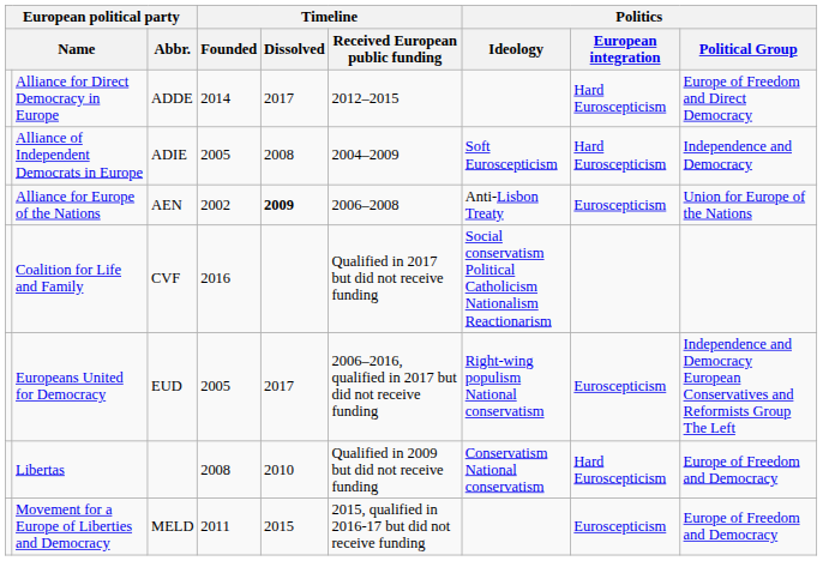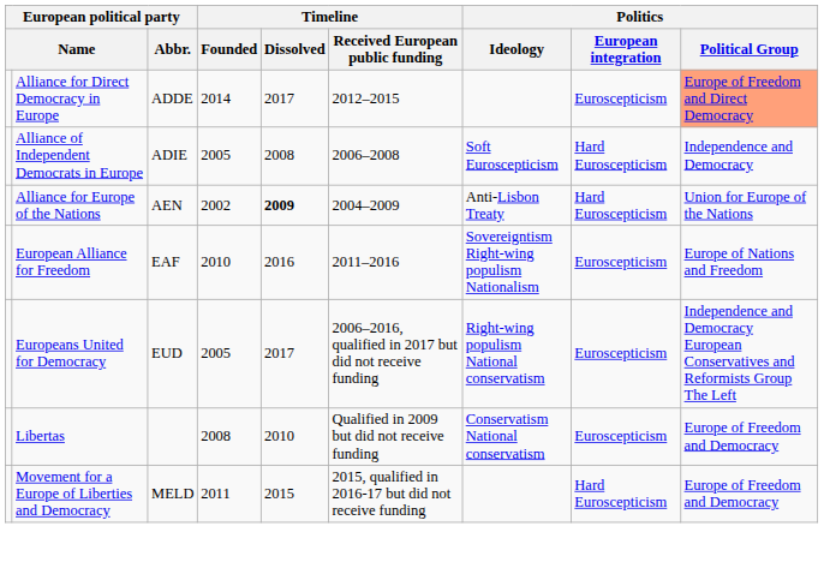 <table class="wikitable centre sortable">
 <tr>
 <th colspan="3">European political party</th>
 <th colspan="3">Timeline</th>
 <th colspan="3">Politics</th>
 </tr>
 <tr>
 <th colspan="2">Name</th>
 <th>Abbr.</th>
 <th>Founded</th>
 <th>Dissolved</th>
 <th>Received European public funding</th>
 <th>Ideology</th>
 <th><a href='#'>European integration</a></th>
 <th><a href='#'>Political Group</a></th>
 </tr>
 <tr>
 <td></td>
 <td><a href='#'>Alliance for Direct Democracy in Europe</a></td>
 <td>ADDE</td>
 <td>2014</td>
 <td>2017</td>
 <td>2012–2015</td>
 <td></td>
-<td><a href='#'>Hard Euroscepticism</a></td>
-<td><a href='#'>Europe of Freedom and Direct Democracy</a></td>
+<td><a href='#'>Euroscepticism</a></td>
+<td style="background: lightsalmon;"><a href='#'>Europe of Freedom and Direct Democracy</a></td>
 </tr>
 <tr>
 <td></td>
 <td><a href='#'>Alliance of Independent Democrats in Europe</a></td>
 <td>ADIE</td>
 <td>2005</td>
 <td>2008</td>
-<td>2004–2009</td>
+<td>2006–2008</td>
 <td><a href='#'>Soft Euroscepticism</a></td>
 <td><a href='#'>Hard Euroscepticism</a></td>
 <td><a href='#'>Independence and Democracy</a></td>
 </tr>
 <tr>
 <td></td>
 <td><a href='#'>Alliance for Europe of the Nations</a></td>
 <td>AEN</td>
 <td>2002</td>
 <td><strong>2009</strong></td>
-<td>2006–2008</td>
+<td>2004–2009</td>
 <td>Anti-<a href='#'>Lisbon Treaty</a></td>
-<td><a href='#'>Euroscepticism</a></td>
+<td><a href='#'>Hard Euroscepticism</a></td>
 <td><a href='#'>Union for Europe of the Nations</a></td>
 </tr>
 <tr>
 <td></td>
-<td><a href='#'>Coalition for Life and Family</a></td>
-<td>CVF</td>
+<td><a href='#'>European Alliance for Freedom</a></td>
+<td>EAF</td>
+<td>2010</td>
 <td>2016</td>
-<td></td>
-<td>Qualified in 2017 but did not receive funding</td>
-<td><a href='#'>Social conservatism</a><br><a href='#'>Political Catholicism</a><br><a href='#'>Nationalism</a><br><a href='#'>Reactionarism</a></td>
-<td></td>
-<td></td>
+<td>2011–2016</td>
+<td><a href='#'>Sovereigntism</a><br><a href='#'>Right-wing populism</a><br><a href='#'>Nationalism</a></td>
+<td><a href='#'>Euroscepticism</a></td>
+<td><a href='#'>Europe of Nations and Freedom</a></td>
 </tr>
 <tr>
 <td></td>
 <td><a href='#'>Europeans United for Democracy</a></td>
 <td>EUD</td>
 <td>2005</td>
 <td>2017</td>
 <td>2006–2016, qualified in 2017 but did not receive funding</td>
 <td><a href='#'>Right-wing populism</a><br><a href='#'>National conservatism</a></td>
 <td><a href='#'>Euroscepticism</a></td>
 <td><a href='#'>Independence and Democracy</a><br><a href='#'>European Conservatives and Reformists Group</a><br><a href='#'>The Left</a></td>
 </tr>
 <tr>
 <td></td>
 <td><a href='#'>Libertas</a></td>
 <td></td>
 <td>2008</td>
 <td>2010</td>
 <td>Qualified in 2009 but did not receive funding</td>
 <td><a href='#'>Conservatism</a><br><a href='#'>National conservatism</a></td>
-<td><a href='#'>Hard Euroscepticism</a></td>
+<td><a href='#'>Euroscepticism</a></td>
 <td><a href='#'>Europe of Freedom and Democracy</a></td>
 </tr>
 <tr>
 <td></td>
 <td><a href='#'>Movement for a Europe of Liberties and Democracy</a></td>
 <td>MELD</td>
 <td>2011</td>
 <td>2015</td>
 <td>2015, qualified in 2016-17 but did not receive funding</td>
 <td></td>
-<td><a href='#'>Euroscepticism</a></td>
+<td><a href='#'>Hard Euroscepticism</a></td>
 <td><a href='#'>Europe of Freedom and Democracy</a></td>
 </tr>
 </table>
